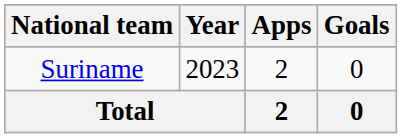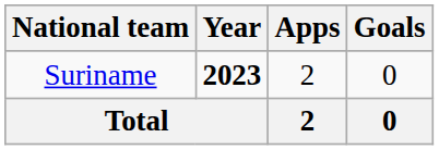 <table class=wikitable style=text-align:center>
 <tr>
 <th>National team</th>
 <th>Year</th>
 <th>Apps</th>
 <th>Goals</th>
 </tr>
 <tr>
 <td><a href='#'>Suriname</a></td>
-<td>2023</td>
+<td><strong>2023</strong></td>
 <td>2</td>
 <td>0</td>
 </tr>
 <tr>
 <th colspan="2">Total</th>
 <th>2</th>
 <th>0</th>
 </tr>
 </table>
